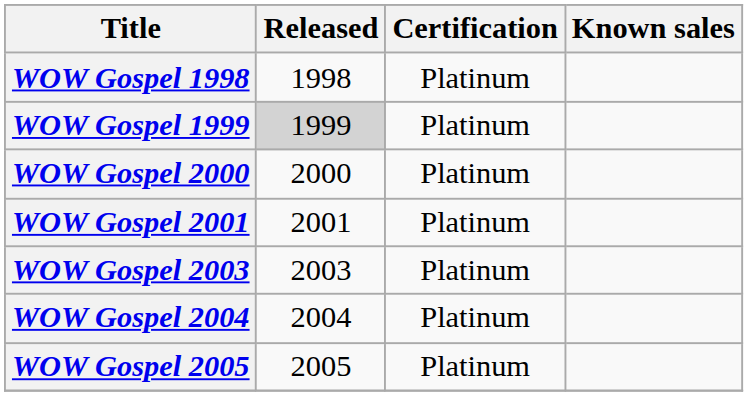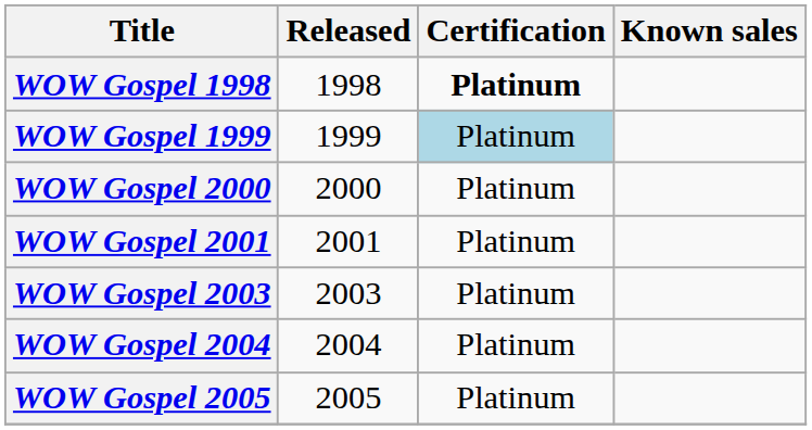 <table class="wikitable plainrowheaders" style="text-align:center;">
 <tr>
 <th>Title</th>
 <th>Released</th>
 <th>Certification</th>
 <th>Known sales</th>
 </tr>
 <tr>
 <th scope="row"><em><a href='#'>WOW Gospel 1998</a></em></th>
 <td>1998</td>
-<td>Platinum</td>
+<td><strong>Platinum</strong></td>
 <td></td>
 </tr>
 <tr>
 <th scope="row"><em><a href='#'>WOW Gospel 1999</a></em></th>
-<td style="background: lightgrey;">1999</td>
-<td>Platinum</td>
+<td>1999</td>
+<td style="background: lightblue;">Platinum</td>
 <td></td>
 </tr>
 <tr>
 <th scope="row"><em><a href='#'>WOW Gospel 2000</a></em></th>
 <td>2000</td>
 <td>Platinum</td>
 <td></td>
 </tr>
 <tr>
 <th scope="row"><em><a href='#'>WOW Gospel 2001</a></em></th>
 <td>2001</td>
 <td>Platinum</td>
 <td></td>
 </tr>
 <tr>
 <th scope="row"><em><a href='#'>WOW Gospel 2003</a></em></th>
 <td>2003</td>
 <td>Platinum</td>
 <td></td>
 </tr>
 <tr>
 <th scope="row"><em><a href='#'>WOW Gospel 2004</a></em></th>
 <td>2004</td>
 <td>Platinum</td>
 <td></td>
 </tr>
 <tr>
 <th scope="row"><em><a href='#'>WOW Gospel 2005</a></em></th>
 <td>2005</td>
 <td>Platinum</td>
 <td></td>
 </tr>
 <tr>
 </tr>
 </table>
